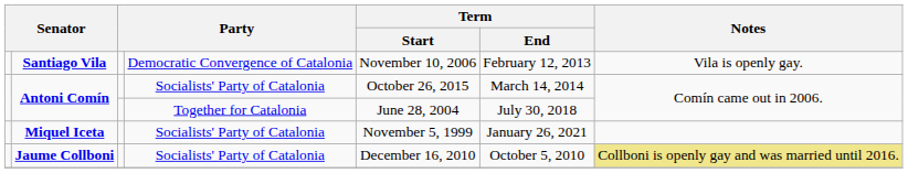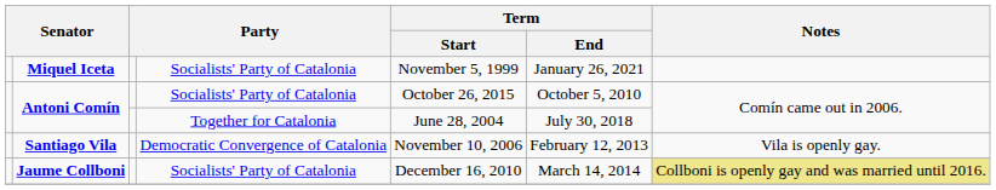 <table class="wikitable sortable" style="text-align:center">
 <tr>
 <th colspan="2" rowspan="2">Senator</th>
 <th colspan="2" rowspan="2">Party</th>
 <th colspan="2">Term</th>
 <th rowspan="2">Notes</th>
 </tr>
 <tr>
 <th>Start</th>
 <th>End</th>
 </tr>
 <tr>
 <td></td>
-<td><strong><a href='#'>Santiago Vila</a></strong></td>
+<td><strong><a href='#'>Miquel Iceta</a></strong></td>
 <td style="background-color:"></td>
-<td><a href='#'>Democratic Convergence of Catalonia</a></td>
-<td>November 10, 2006</td>
-<td>February 12, 2013</td>
-<td>Vila is openly gay.</td>
+<td><a href='#'>Socialists' Party of Catalonia</a></td>
+<td>November 5, 1999</td>
+<td>January 26, 2021</td>
+<td></td>
 </tr>
 <tr>
 <td rowspan="2"></td>
 <td rowspan="2"><strong><a href='#'>Antoni Comín</a></strong></td>
 <td style="background-color:"></td>
 <td><a href='#'>Socialists' Party of Catalonia</a></td>
 <td>October 26, 2015</td>
-<td>March 14, 2014</td>
+<td>October 5, 2010</td>
 <td rowspan="2">Comín came out in 2006.</td>
 </tr>
 <tr>
 <td style="background-color:"></td>
 <td><a href='#'>Together for Catalonia</a></td>
 <td>June 28, 2004</td>
 <td>July 30, 2018</td>
 </tr>
 <tr>
 <td></td>
-<td><strong><a href='#'>Miquel Iceta</a></strong></td>
+<td><strong><a href='#'>Santiago Vila</a></strong></td>
 <td style="background-color:"></td>
-<td><a href='#'>Socialists' Party of Catalonia</a></td>
-<td>November 5, 1999</td>
-<td>January 26, 2021</td>
-<td></td>
+<td><a href='#'>Democratic Convergence of Catalonia</a></td>
+<td>November 10, 2006</td>
+<td>February 12, 2013</td>
+<td>Vila is openly gay.</td>
 </tr>
 <tr>
 <td></td>
 <td><strong><a href='#'>Jaume Collboni</a></strong></td>
 <td style="background-color:"></td>
 <td><a href='#'>Socialists' Party of Catalonia</a></td>
 <td>December 16, 2010</td>
-<td>October 5, 2010</td>
+<td>March 14, 2014</td>
 <td style="background: khaki;">Collboni is openly gay and was married until 2016.</td>
 </tr>
 <tr>
 </tr>
 </table>
